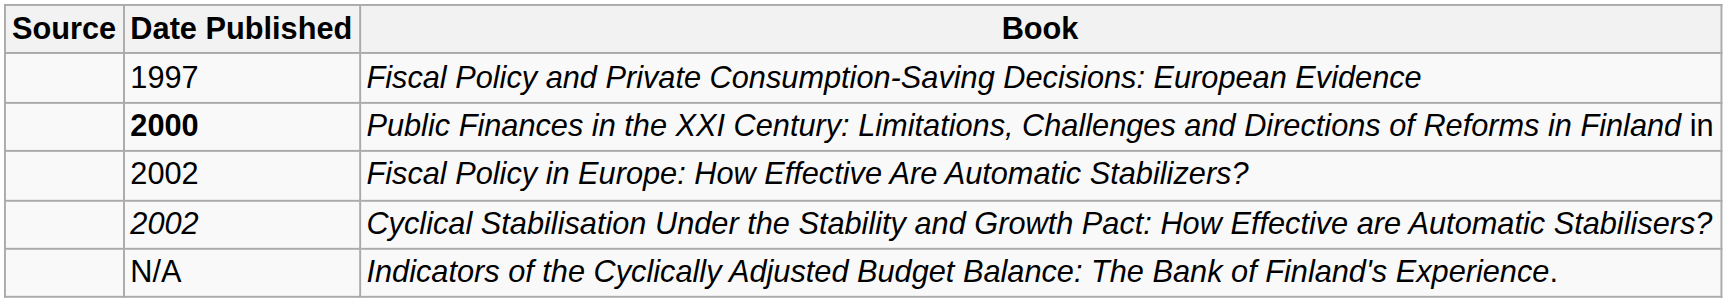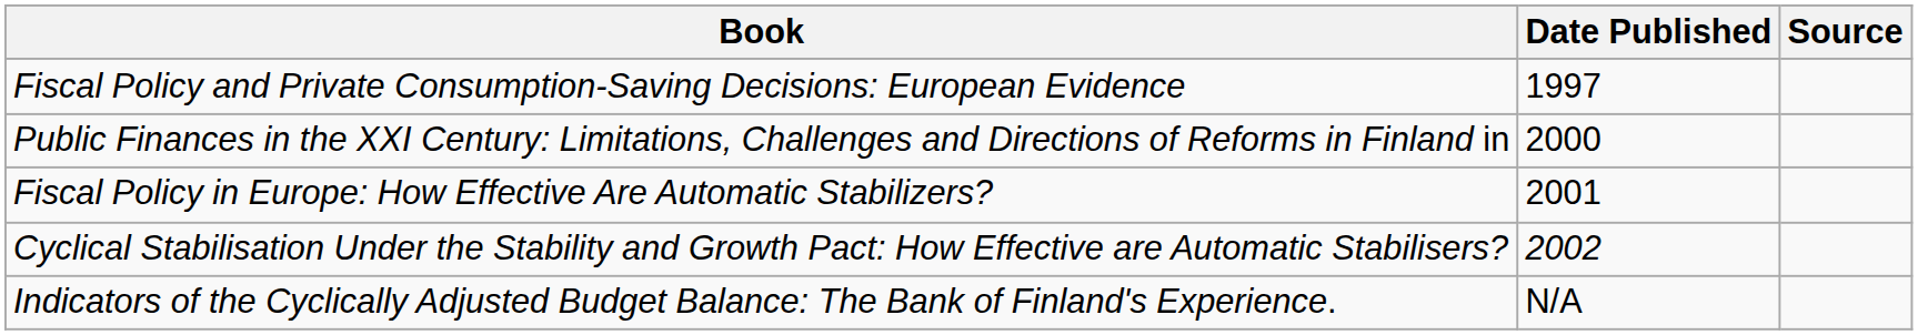 <table class="wikitable">
 <tr>
+<th scope="col">Book</th>
+<th scope="col">Date Published</th>
 <th scope="col">Source</th>
-<th scope="col">Date Published</th>
-<th scope="col">Book</th>
 </tr>
 <tr>
+<td><em>Fiscal Policy and Private Consumption-Saving Decisions: European Evidence</em></td>
+<td>1997</td>
 <td></td>
-<td>1997</td>
-<td><em>Fiscal Policy and Private Consumption-Saving Decisions: European Evidence</em></td>
 </tr>
 <tr>
+<td><em>Public Finances in the XXI Century: Limitations, Challenges and Directions of Reforms in Finland</em> in</td>
+<td>2000</td>
 <td></td>
-<td><strong>2000</strong></td>
-<td><em>Public Finances in the XXI Century: Limitations, Challenges and Directions of Reforms in Finland</em> in</td>
 </tr>
 <tr>
+<td><em>Fiscal Policy in Europe: How Effective Are Automatic Stabilizers?</em></td>
+<td>2001</td>
 <td></td>
-<td>2002</td>
-<td><em>Fiscal Policy in Europe: How Effective Are Automatic Stabilizers?</em></td>
 </tr>
 <tr>
+<td><em>Cyclical Stabilisation Under the Stability and Growth Pact: How Effective are Automatic Stabilisers?</em></td>
+<td><em>2002</em></td>
 <td><em></em></td>
-<td><em>2002</em></td>
-<td><em>Cyclical Stabilisation Under the Stability and Growth Pact: How Effective are Automatic Stabilisers?</em></td>
 </tr>
 <tr>
+<td><em>Indicators of the Cyclically Adjusted Budget Balance: The Bank of Finland's Experience</em>.</td>
+<td>N/A</td>
 <td></td>
-<td>N/A</td>
-<td><em>Indicators of the Cyclically Adjusted Budget Balance: The Bank of Finland's Experience</em>.</td>
 </tr>
 </table>
